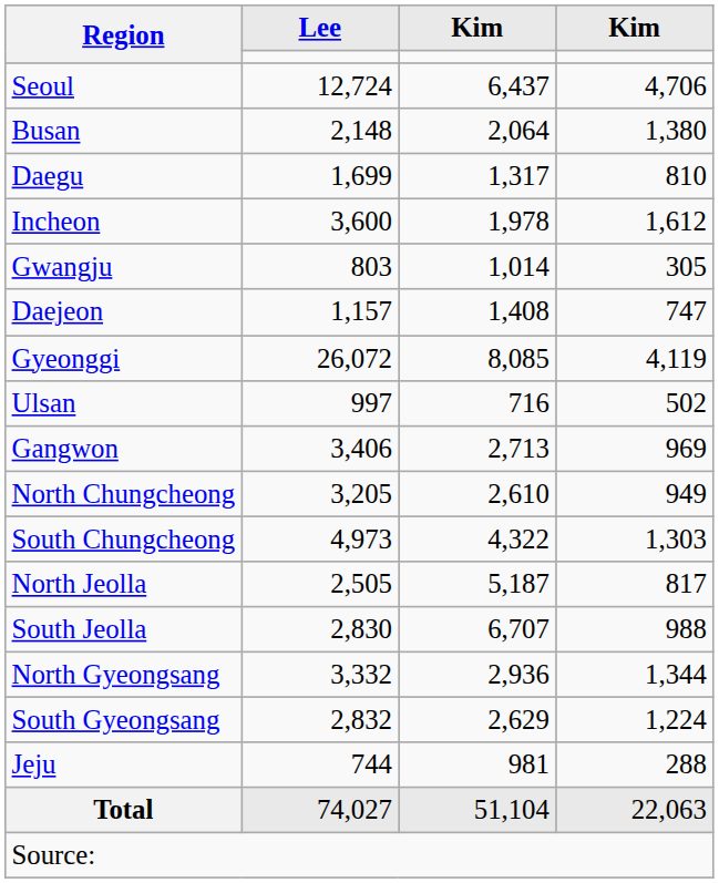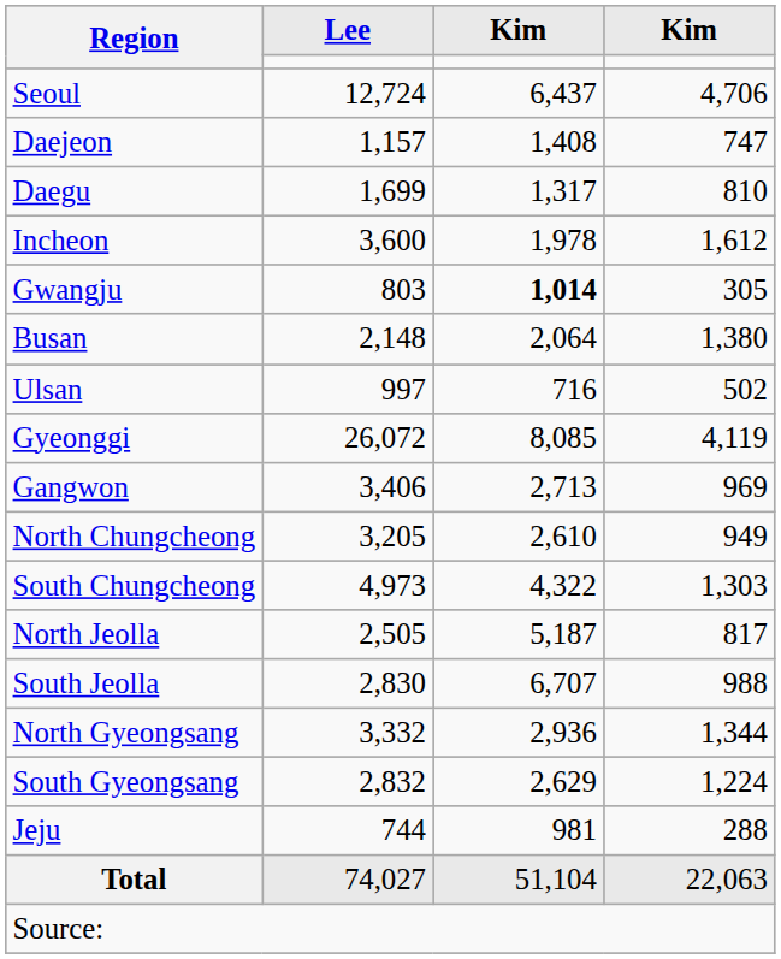 <table class="wikitable" style="text-align:right; font-size:95%">
 <tr>
 <th rowspan="2"><a href='#'>Region</a></th>
 <th align="center" width="80px" style="background: #E9E9E9"><a href='#'>Lee<br></a></th>
 <th align="center" width="80px" style="background: #E9E9E9">Kim<br></th>
 <th align="center" width="80px" style="background: #E9E9E9">Kim<br></th>
 </tr>
 <tr>
 <td></td>
 <td></td>
 <td></td>
 </tr>
 <tr>
 <td align="left"><a href='#'>Seoul</a></td>
 <td>12,724</td>
 <td>6,437</td>
 <td>4,706</td>
 </tr>
 <tr>
-<td align="left"><a href='#'>Busan</a></td>
-<td>2,148</td>
-<td>2,064</td>
-<td>1,380</td>
+<td align="left"><a href='#'>Daejeon</a></td>
+<td>1,157</td>
+<td>1,408</td>
+<td>747</td>
 </tr>
 <tr>
 <td align="left"><a href='#'>Daegu</a></td>
 <td>1,699</td>
 <td>1,317</td>
 <td>810</td>
 </tr>
 <tr>
 <td align="left"><a href='#'>Incheon</a></td>
 <td>3,600</td>
 <td>1,978</td>
 <td>1,612</td>
 </tr>
 <tr>
 <td align="left"><a href='#'>Gwangju</a></td>
 <td>803</td>
-<td>1,014</td>
+<td><strong>1,014</strong></td>
 <td>305</td>
 </tr>
 <tr>
-<td align="left"><a href='#'>Daejeon</a></td>
-<td>1,157</td>
-<td>1,408</td>
-<td>747</td>
+<td align="left"><a href='#'>Busan</a></td>
+<td>2,148</td>
+<td>2,064</td>
+<td>1,380</td>
+</tr>
+<tr>
+<td align="left"><a href='#'>Ulsan</a></td>
+<td>997</td>
+<td>716</td>
+<td>502</td>
 </tr>
 <tr>
 <td align="left"><a href='#'>Gyeonggi</a></td>
 <td>26,072</td>
 <td>8,085</td>
 <td>4,119</td>
-</tr>
-<tr>
-<td align="left"><a href='#'>Ulsan</a></td>
-<td>997</td>
-<td>716</td>
-<td>502</td>
 </tr>
 <tr>
 <td align="left"><a href='#'>Gangwon</a></td>
 <td>3,406</td>
 <td>2,713</td>
 <td>969</td>
 </tr>
 <tr>
 <td align="left"><a href='#'>North Chungcheong</a></td>
 <td>3,205</td>
 <td>2,610</td>
 <td>949</td>
 </tr>
 <tr>
 <td align="left"><a href='#'>South Chungcheong</a></td>
 <td>4,973</td>
 <td>4,322</td>
 <td>1,303</td>
 </tr>
 <tr>
 <td align="left"><a href='#'>North Jeolla</a></td>
 <td>2,505</td>
 <td>5,187</td>
 <td>817</td>
 </tr>
 <tr>
 <td align="left"><a href='#'>South Jeolla</a></td>
 <td>2,830</td>
 <td>6,707</td>
 <td>988</td>
 </tr>
 <tr>
 <td align="left"><a href='#'>North Gyeongsang</a></td>
 <td>3,332</td>
 <td>2,936</td>
 <td>1,344</td>
 </tr>
 <tr>
 <td align="left"><a href='#'>South Gyeongsang</a></td>
 <td>2,832</td>
 <td>2,629</td>
 <td>1,224</td>
 </tr>
 <tr>
 <td align="left"><a href='#'>Jeju</a></td>
 <td>744</td>
 <td>981</td>
 <td>288</td>
 </tr>
 <tr style="background:#E9E9E9">
 <th align="left"><strong>Total</strong></th>
 <td>74,027</td>
 <td>51,104</td>
 <td>22,063</td>
 </tr>
 <tr>
 <td colspan="4" align="left">Source: </td>
 </tr>
 </table>
